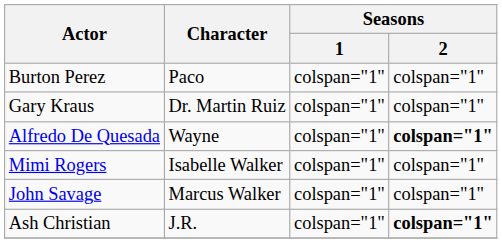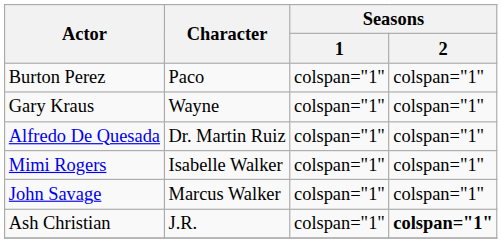 <table class="wikitable">
 <tr>
 <th rowspan="2">Actor</th>
 <th rowspan="2">Character</th>
 <th colspan="7">Seasons</th>
 </tr>
 <tr>
 <th style="width:50pt;">1</th>
 <th style="width:50pt;">2</th>
 </tr>
 <tr>
 <td>Burton Perez</td>
 <td>Paco</td>
 <td>colspan="1" </td>
 <td>colspan="1" </td>
 </tr>
 <tr>
 <td>Gary Kraus</td>
-<td>Dr. Martin Ruiz</td>
+<td>Wayne</td>
 <td>colspan="1" </td>
 <td>colspan="1" </td>
 </tr>
 <tr>
 <td><a href='#'>Alfredo De Quesada</a></td>
-<td>Wayne</td>
+<td>Dr. Martin Ruiz</td>
 <td>colspan="1" </td>
-<td><strong>colspan="1" </strong></td>
+<td>colspan="1" </td>
 </tr>
 <tr>
 <td><a href='#'>Mimi Rogers</a></td>
 <td>Isabelle Walker</td>
 <td>colspan="1" </td>
 <td>colspan="1" </td>
 </tr>
 <tr>
 <td><a href='#'>John Savage</a></td>
 <td>Marcus Walker</td>
 <td>colspan="1" </td>
 <td>colspan="1" </td>
 </tr>
 <tr>
 <td>Ash Christian</td>
 <td>J.R.</td>
 <td>colspan="1" </td>
 <td><strong>colspan="1" </strong></td>
 </tr>
 <tr>
 </tr>
 </table>
